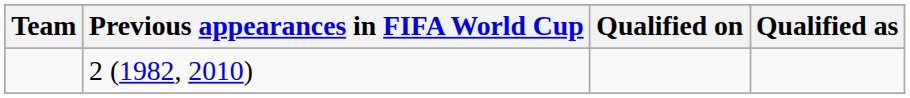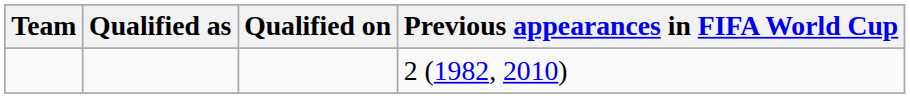 <table class="wikitable sortable">
 <tr>
 <th>Team</th>
+<th>Qualified as</th>
+<th>Qualified on</th>
 <th data-sort-type="number">Previous <a href='#'>appearances</a> in <a href='#'>FIFA World Cup</a></th>
-<th>Qualified on</th>
-<th>Qualified as</th>
 </tr>
 <tr>
 <td></td>
-<td>2 (<a href='#'>1982</a>, <a href='#'>2010</a>)</td>
 <td></td>
 <td></td>
+<td>2 (<a href='#'>1982</a>, <a href='#'>2010</a>)</td>
 </tr>
 </table>
